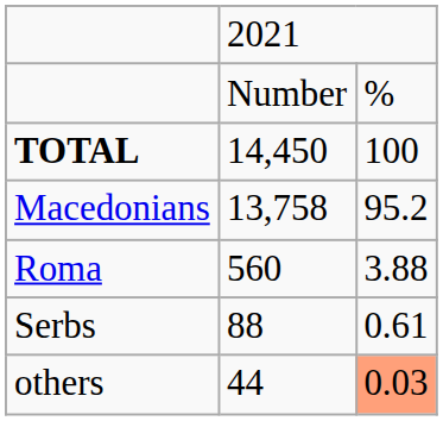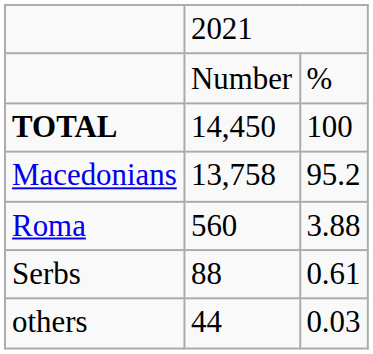 <table class="wikitable">
 <tr>
 <td></td>
 <td colspan="2">2021</td>
 </tr>
 <tr>
 <td></td>
 <td>Number</td>
 <td>%</td>
 </tr>
 <tr>
 <td><strong>TOTAL</strong></td>
 <td>14,450</td>
 <td>100</td>
 </tr>
 <tr>
 <td><a href='#'>Macedonians</a></td>
 <td>13,758</td>
 <td>95.2</td>
 </tr>
 <tr>
 <td><a href='#'>Roma</a></td>
 <td>560</td>
 <td>3.88</td>
 </tr>
 <tr>
 <td>Serbs</td>
 <td>88</td>
 <td>0.61</td>
 </tr>
 <tr>
 <td>others</td>
 <td>44</td>
-<td style="background: lightsalmon;">0.03</td>
+<td>0.03</td>
 </tr>
 </table>
